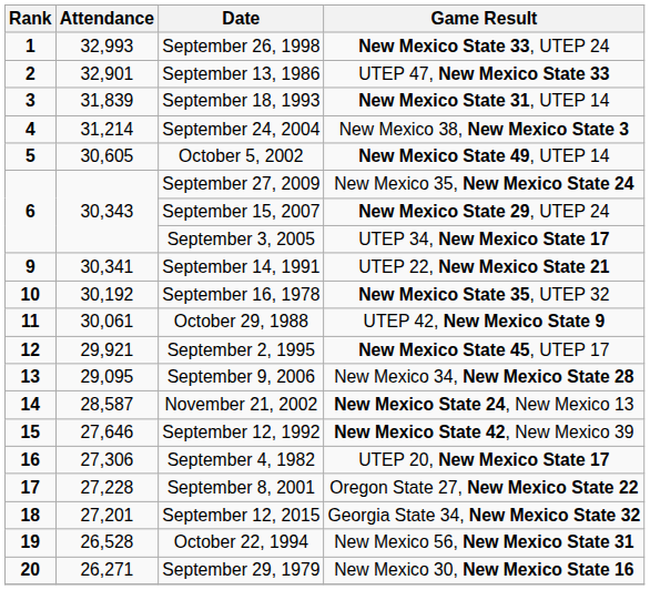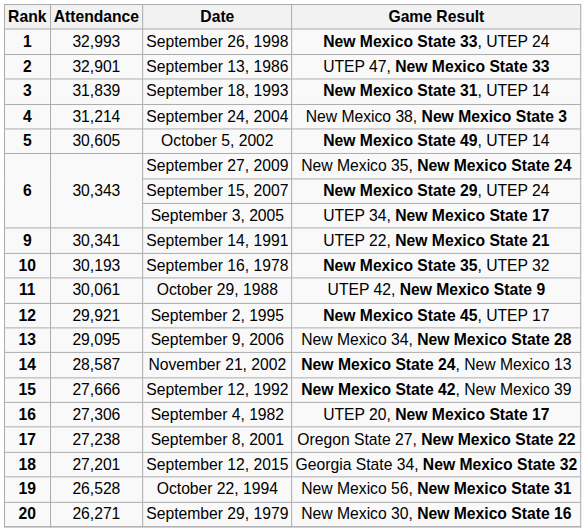 <table class="wikitable">
 <tr>
 <th>Rank</th>
 <th>Attendance</th>
 <th>Date</th>
 <th>Game Result</th>
 </tr>
 <tr align="center">
 <td><strong>1</strong></td>
 <td>32,993</td>
 <td>September 26, 1998</td>
 <td><strong>New Mexico State 33</strong>, UTEP 24</td>
 </tr>
 <tr align="center">
 <td><strong>2</strong></td>
 <td>32,901</td>
 <td>September 13, 1986</td>
 <td>UTEP 47, <strong>New Mexico State 33</strong></td>
 </tr>
 <tr align="center">
 <td><strong>3</strong></td>
 <td>31,839</td>
 <td>September 18, 1993</td>
 <td><strong>New Mexico State 31</strong>, UTEP 14</td>
 </tr>
 <tr align="center">
 <td><strong>4</strong></td>
 <td>31,214</td>
 <td>September 24, 2004</td>
 <td>New Mexico 38, <strong>New Mexico State 3</strong></td>
 </tr>
 <tr align="center">
 <td><strong>5</strong></td>
 <td>30,605</td>
 <td>October 5, 2002</td>
 <td><strong>New Mexico State 49</strong>, UTEP 14</td>
 </tr>
 <tr align="center">
 <td rowspan="3"><strong>6</strong></td>
 <td rowspan="3">30,343</td>
 <td>September 27, 2009</td>
 <td>New Mexico 35, <strong>New Mexico State 24</strong></td>
 </tr>
 <tr align="center">
 <td>September 15, 2007</td>
 <td><strong>New Mexico State 29</strong>, UTEP 24</td>
 </tr>
 <tr align="center">
 <td>September 3, 2005</td>
 <td>UTEP 34, <strong>New Mexico State 17</strong></td>
 </tr>
 <tr align="center">
 <td><strong>9</strong></td>
 <td>30,341</td>
 <td>September 14, 1991</td>
 <td>UTEP 22, <strong>New Mexico State 21</strong></td>
 </tr>
 <tr align="center">
 <td><strong>10</strong></td>
-<td>30,192</td>
+<td>30,193</td>
 <td>September 16, 1978</td>
 <td><strong>New Mexico State 35</strong>, UTEP 32</td>
 </tr>
 <tr align="center">
 <td><strong>11</strong></td>
 <td>30,061</td>
 <td>October 29, 1988</td>
 <td>UTEP 42, <strong>New Mexico State 9</strong></td>
 </tr>
 <tr align="center">
 <td><strong>12</strong></td>
 <td>29,921</td>
 <td>September 2, 1995</td>
 <td><strong>New Mexico State 45</strong>, UTEP 17</td>
 </tr>
 <tr align="center">
 <td><strong>13</strong></td>
 <td>29,095</td>
 <td>September 9, 2006</td>
 <td>New Mexico 34, <strong>New Mexico State 28</strong></td>
 </tr>
 <tr align="center">
 <td><strong>14</strong></td>
 <td>28,587</td>
 <td>November 21, 2002</td>
 <td><strong>New Mexico State 24</strong>, New Mexico 13</td>
 </tr>
 <tr align="center">
 <td><strong>15</strong></td>
-<td>27,646</td>
+<td>27,666</td>
 <td>September 12, 1992</td>
 <td><strong>New Mexico State 42</strong>, New Mexico 39</td>
 </tr>
 <tr align="center">
 <td><strong>16</strong></td>
 <td>27,306</td>
 <td>September 4, 1982</td>
 <td>UTEP 20, <strong>New Mexico State 17</strong></td>
 </tr>
 <tr align="center">
 <td><strong>17</strong></td>
-<td>27,228</td>
+<td>27,238</td>
 <td>September 8, 2001</td>
 <td>Oregon State 27, <strong>New Mexico State 22</strong></td>
 </tr>
 <tr align="center">
 <td><strong>18</strong></td>
 <td>27,201</td>
 <td>September 12, 2015</td>
 <td>Georgia State 34, <strong>New Mexico State 32</strong></td>
 </tr>
 <tr align="center">
 <td><strong>19</strong></td>
 <td>26,528</td>
 <td>October 22, 1994</td>
 <td>New Mexico 56, <strong>New Mexico State 31</strong></td>
 </tr>
 <tr align="center">
 <td><strong>20</strong></td>
 <td>26,271</td>
 <td>September 29, 1979</td>
 <td>New Mexico 30, <strong>New Mexico State 16</strong></td>
 </tr>
 <tr>
 </tr>
 </table>
